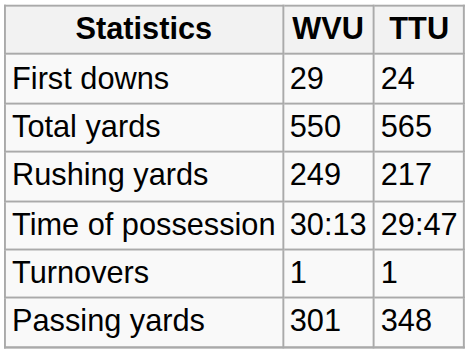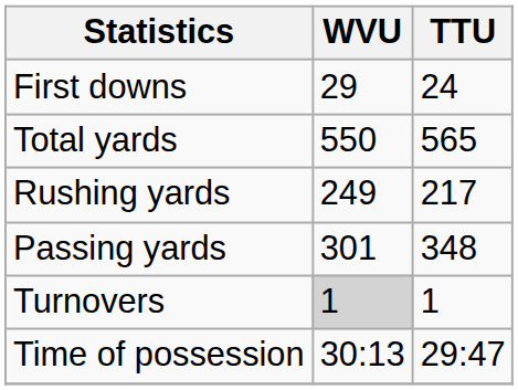 <table class="wikitable" style="float: left;">
 <tr>
 <th>Statistics</th>
 <th>WVU</th>
 <th>TTU</th>
 </tr>
 <tr>
 <td>First downs</td>
 <td>29</td>
 <td>24</td>
 </tr>
 <tr>
 <td>Total yards</td>
 <td>550</td>
 <td>565</td>
 </tr>
 <tr>
 <td>Rushing yards</td>
 <td>249</td>
 <td>217</td>
 </tr>
 <tr>
+<td>Passing yards</td>
+<td>301</td>
+<td>348</td>
+</tr>
+<tr>
+<td>Turnovers</td>
+<td style="background: lightgrey;">1</td>
+<td>1</td>
+</tr>
+<tr>
 <td>Time of possession</td>
 <td>30:13</td>
 <td>29:47</td>
 </tr>
 <tr>
-<td>Turnovers</td>
-<td>1</td>
-<td>1</td>
-</tr>
-<tr>
-<td>Passing yards</td>
-<td>301</td>
-<td>348</td>
-</tr>
-<tr>
 </tr>
 </table>
